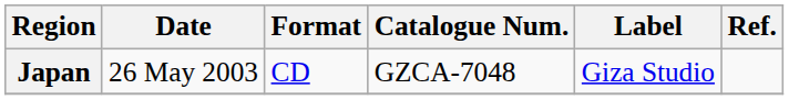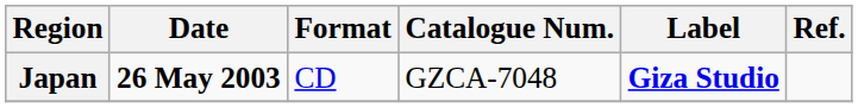 <table class="wikitable sortable plainrowheaders">
 <tr>
 <th scope="col">Region</th>
 <th scope="col">Date</th>
 <th scope="col">Format</th>
 <th scope="col">Catalogue Num.</th>
 <th scope="col">Label</th>
 <th scope="col">Ref.</th>
 </tr>
 <tr>
 <th scope="row">Japan</th>
-<td>26 May 2003</td>
+<td><strong>26 May 2003</strong></td>
 <td><a href='#'>CD</a></td>
 <td>GZCA-7048</td>
-<td><a href='#'>Giza Studio</a></td>
+<td><strong><a href='#'>Giza Studio</a></strong></td>
 <td></td>
 </tr>
 <tr>
 </tr>
 </table>
